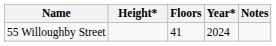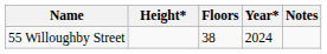 <table class="wikitable sortable" tyle="text-align:center;">
 <tr>
 <th>Name</th>
 <th style="width:75px;">Height*<br></th>
 <th>Floors</th>
 <th>Year*</th>
 <th class="unsortable">Notes</th>
 </tr>
 <tr>
 <td>55 Willoughby Street</td>
 <td></td>
-<td>41</td>
+<td>38</td>
 <td>2024</td>
 <td></td>
 </tr>
 </table>
